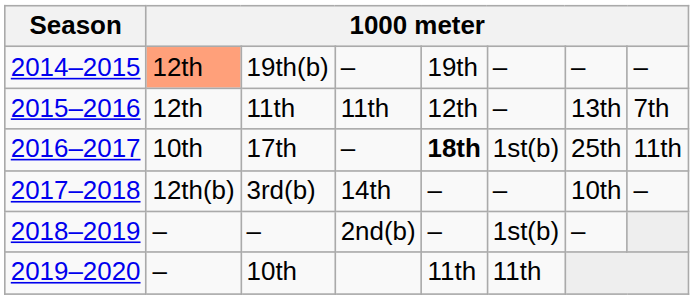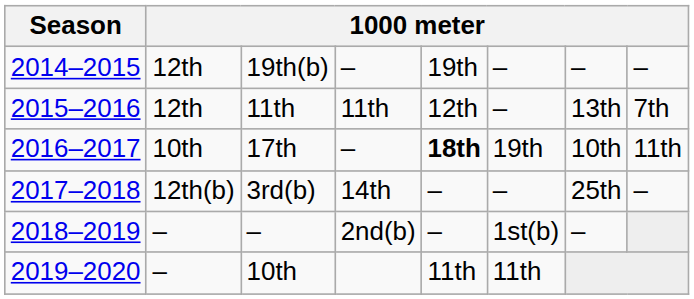 <table class="wikitable" style="display: inline-table;">
 <tr>
 <th>Season</th>
 <th colspan="7">1000 meter</th>
 </tr>
 <tr>
 <td><a href='#'>2014–2015</a></td>
-<td style="background: lightsalmon;">12th</td>
+<td>12th</td>
 <td>19th(b)</td>
 <td>–</td>
 <td>19th</td>
 <td>–</td>
 <td>–</td>
 <td>–</td>
 </tr>
 <tr>
 <td><a href='#'>2015–2016</a></td>
 <td>12th</td>
 <td>11th</td>
 <td>11th</td>
 <td>12th</td>
 <td>–</td>
 <td>13th</td>
 <td>7th</td>
 </tr>
 <tr>
 <td><a href='#'>2016–2017</a></td>
 <td>10th</td>
 <td>17th</td>
 <td>–</td>
 <td><strong>18th</strong></td>
-<td>1st(b)</td>
-<td>25th</td>
+<td>19th</td>
+<td>10th</td>
 <td>11th</td>
 </tr>
 <tr>
 <td><a href='#'>2017–2018</a></td>
 <td>12th(b)</td>
 <td>3rd(b)</td>
 <td>14th</td>
 <td>–</td>
 <td>–</td>
-<td>10th</td>
+<td>25th</td>
 <td>–</td>
 </tr>
 <tr>
 <td><a href='#'>2018–2019</a></td>
 <td>–</td>
 <td>–</td>
 <td>2nd(b)</td>
 <td>–</td>
 <td>1st(b)</td>
 <td>–</td>
 <td colspan="1" bgcolor=#EEEEEE></td>
 </tr>
 <tr>
 <td><a href='#'>2019–2020</a></td>
 <td>–</td>
 <td>10th</td>
 <td></td>
 <td>11th</td>
 <td>11th</td>
 <td colspan="2" bgcolor=#EEEEEE></td>
 </tr>
 </table>
